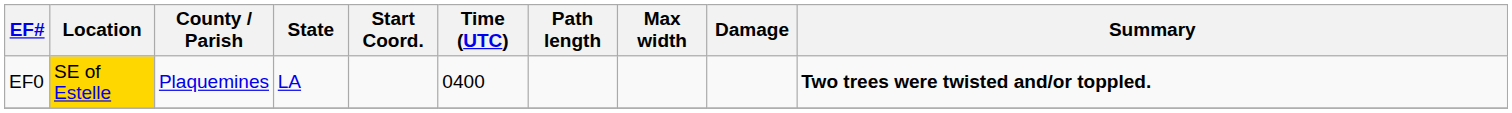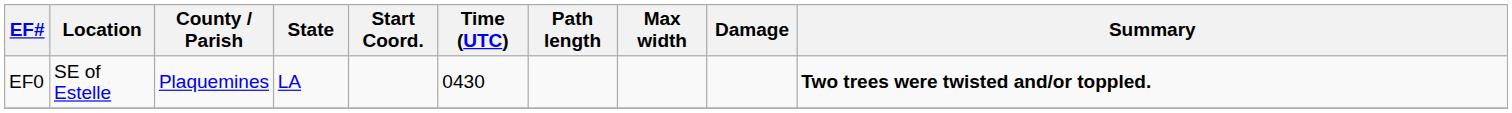 <table class="wikitable sortable" style="width:100%;">
 <tr>
 <th scope="col" width="3%" align="center"><a href='#'>EF#</a></th>
 <th scope="col" width="7%" align="center" class="unsortable">Location</th>
 <th scope="col" width="6%" align="center" class="unsortable">County / Parish</th>
 <th scope="col" width="5%" align="center">State</th>
 <th scope="col" width="6%" align="center">Start Coord.</th>
 <th scope="col" width="6%" align="center">Time (<a href='#'>UTC</a>)</th>
 <th scope="col" width="6%" align="center">Path length</th>
 <th scope="col" width="6%" align="center">Max width</th>
 <th scope="col" width="6%" align="center">Damage</th>
 <th scope="col" width="48%" class="unsortable" align="center">Summary</th>
 </tr>
 <tr>
 <td>EF0</td>
-<td style="background: gold;">SE of <a href='#'>Estelle</a></td>
+<td>SE of <a href='#'>Estelle</a></td>
 <td><a href='#'>Plaquemines</a></td>
 <td><a href='#'>LA</a></td>
 <td></td>
-<td>0400</td>
+<td>0430</td>
 <td></td>
 <td></td>
 <td></td>
 <td><strong>Two trees were twisted and/or toppled.</strong></td>
 </tr>
 <tr>
 </tr>
 </table>
